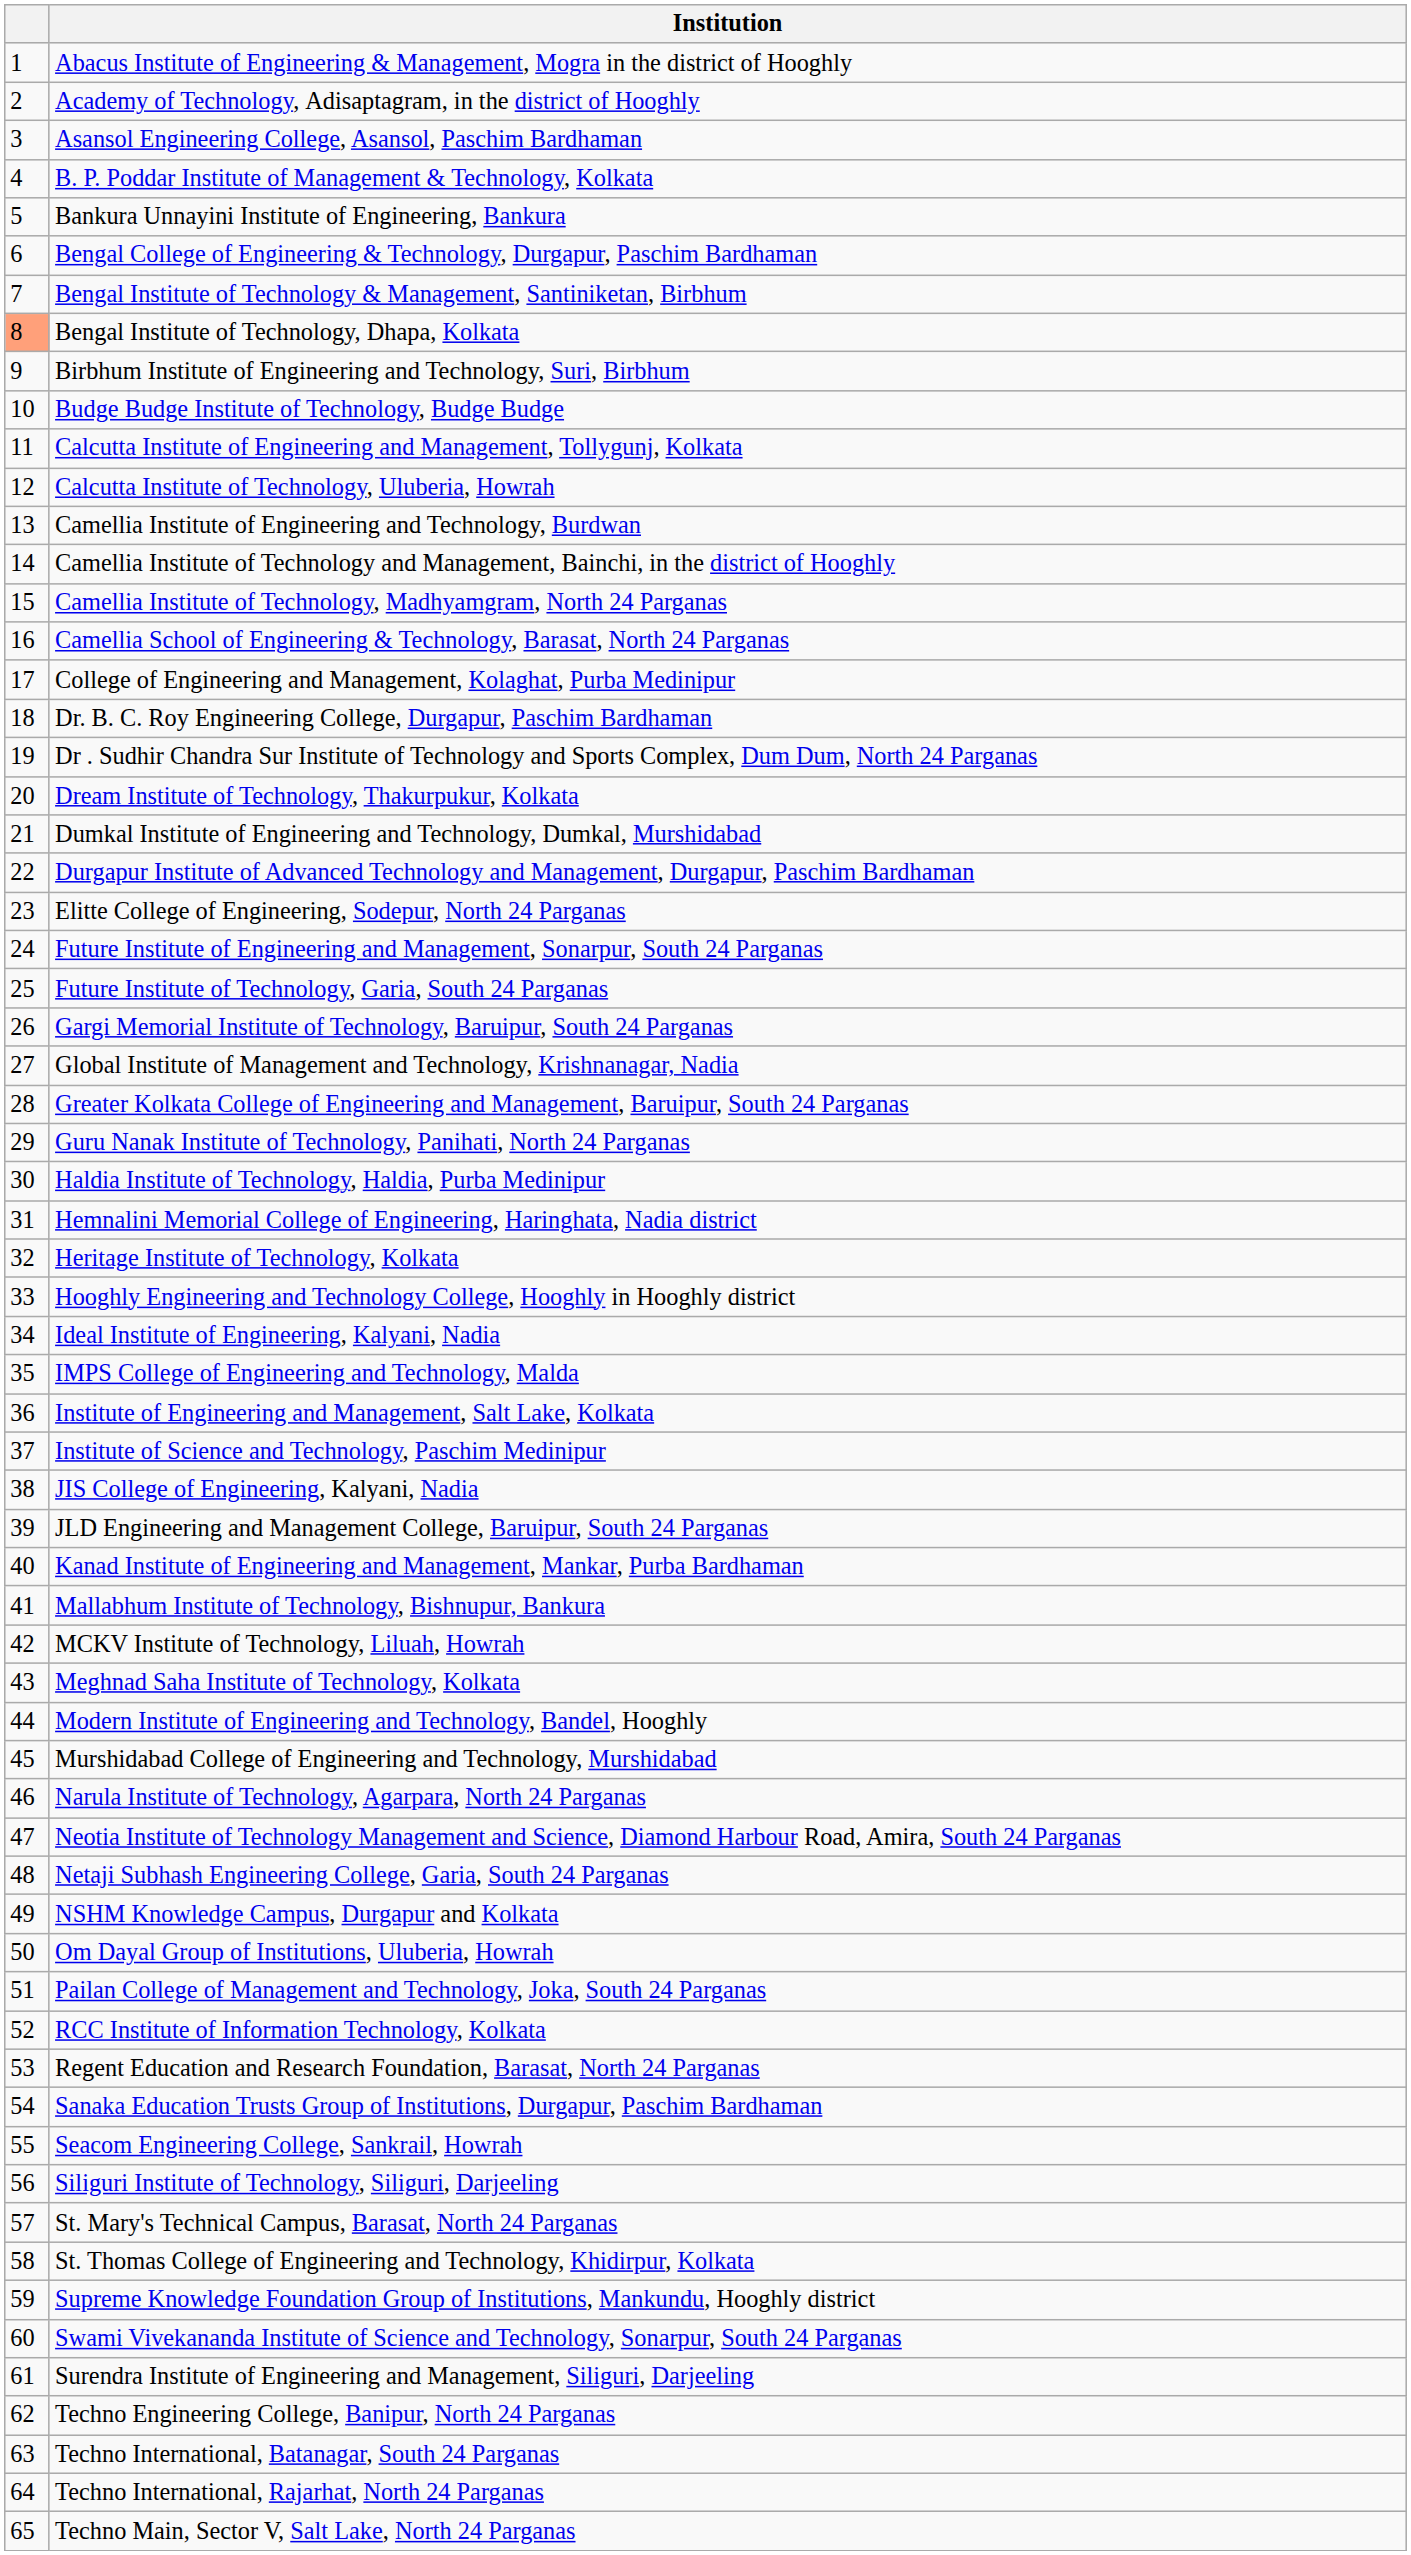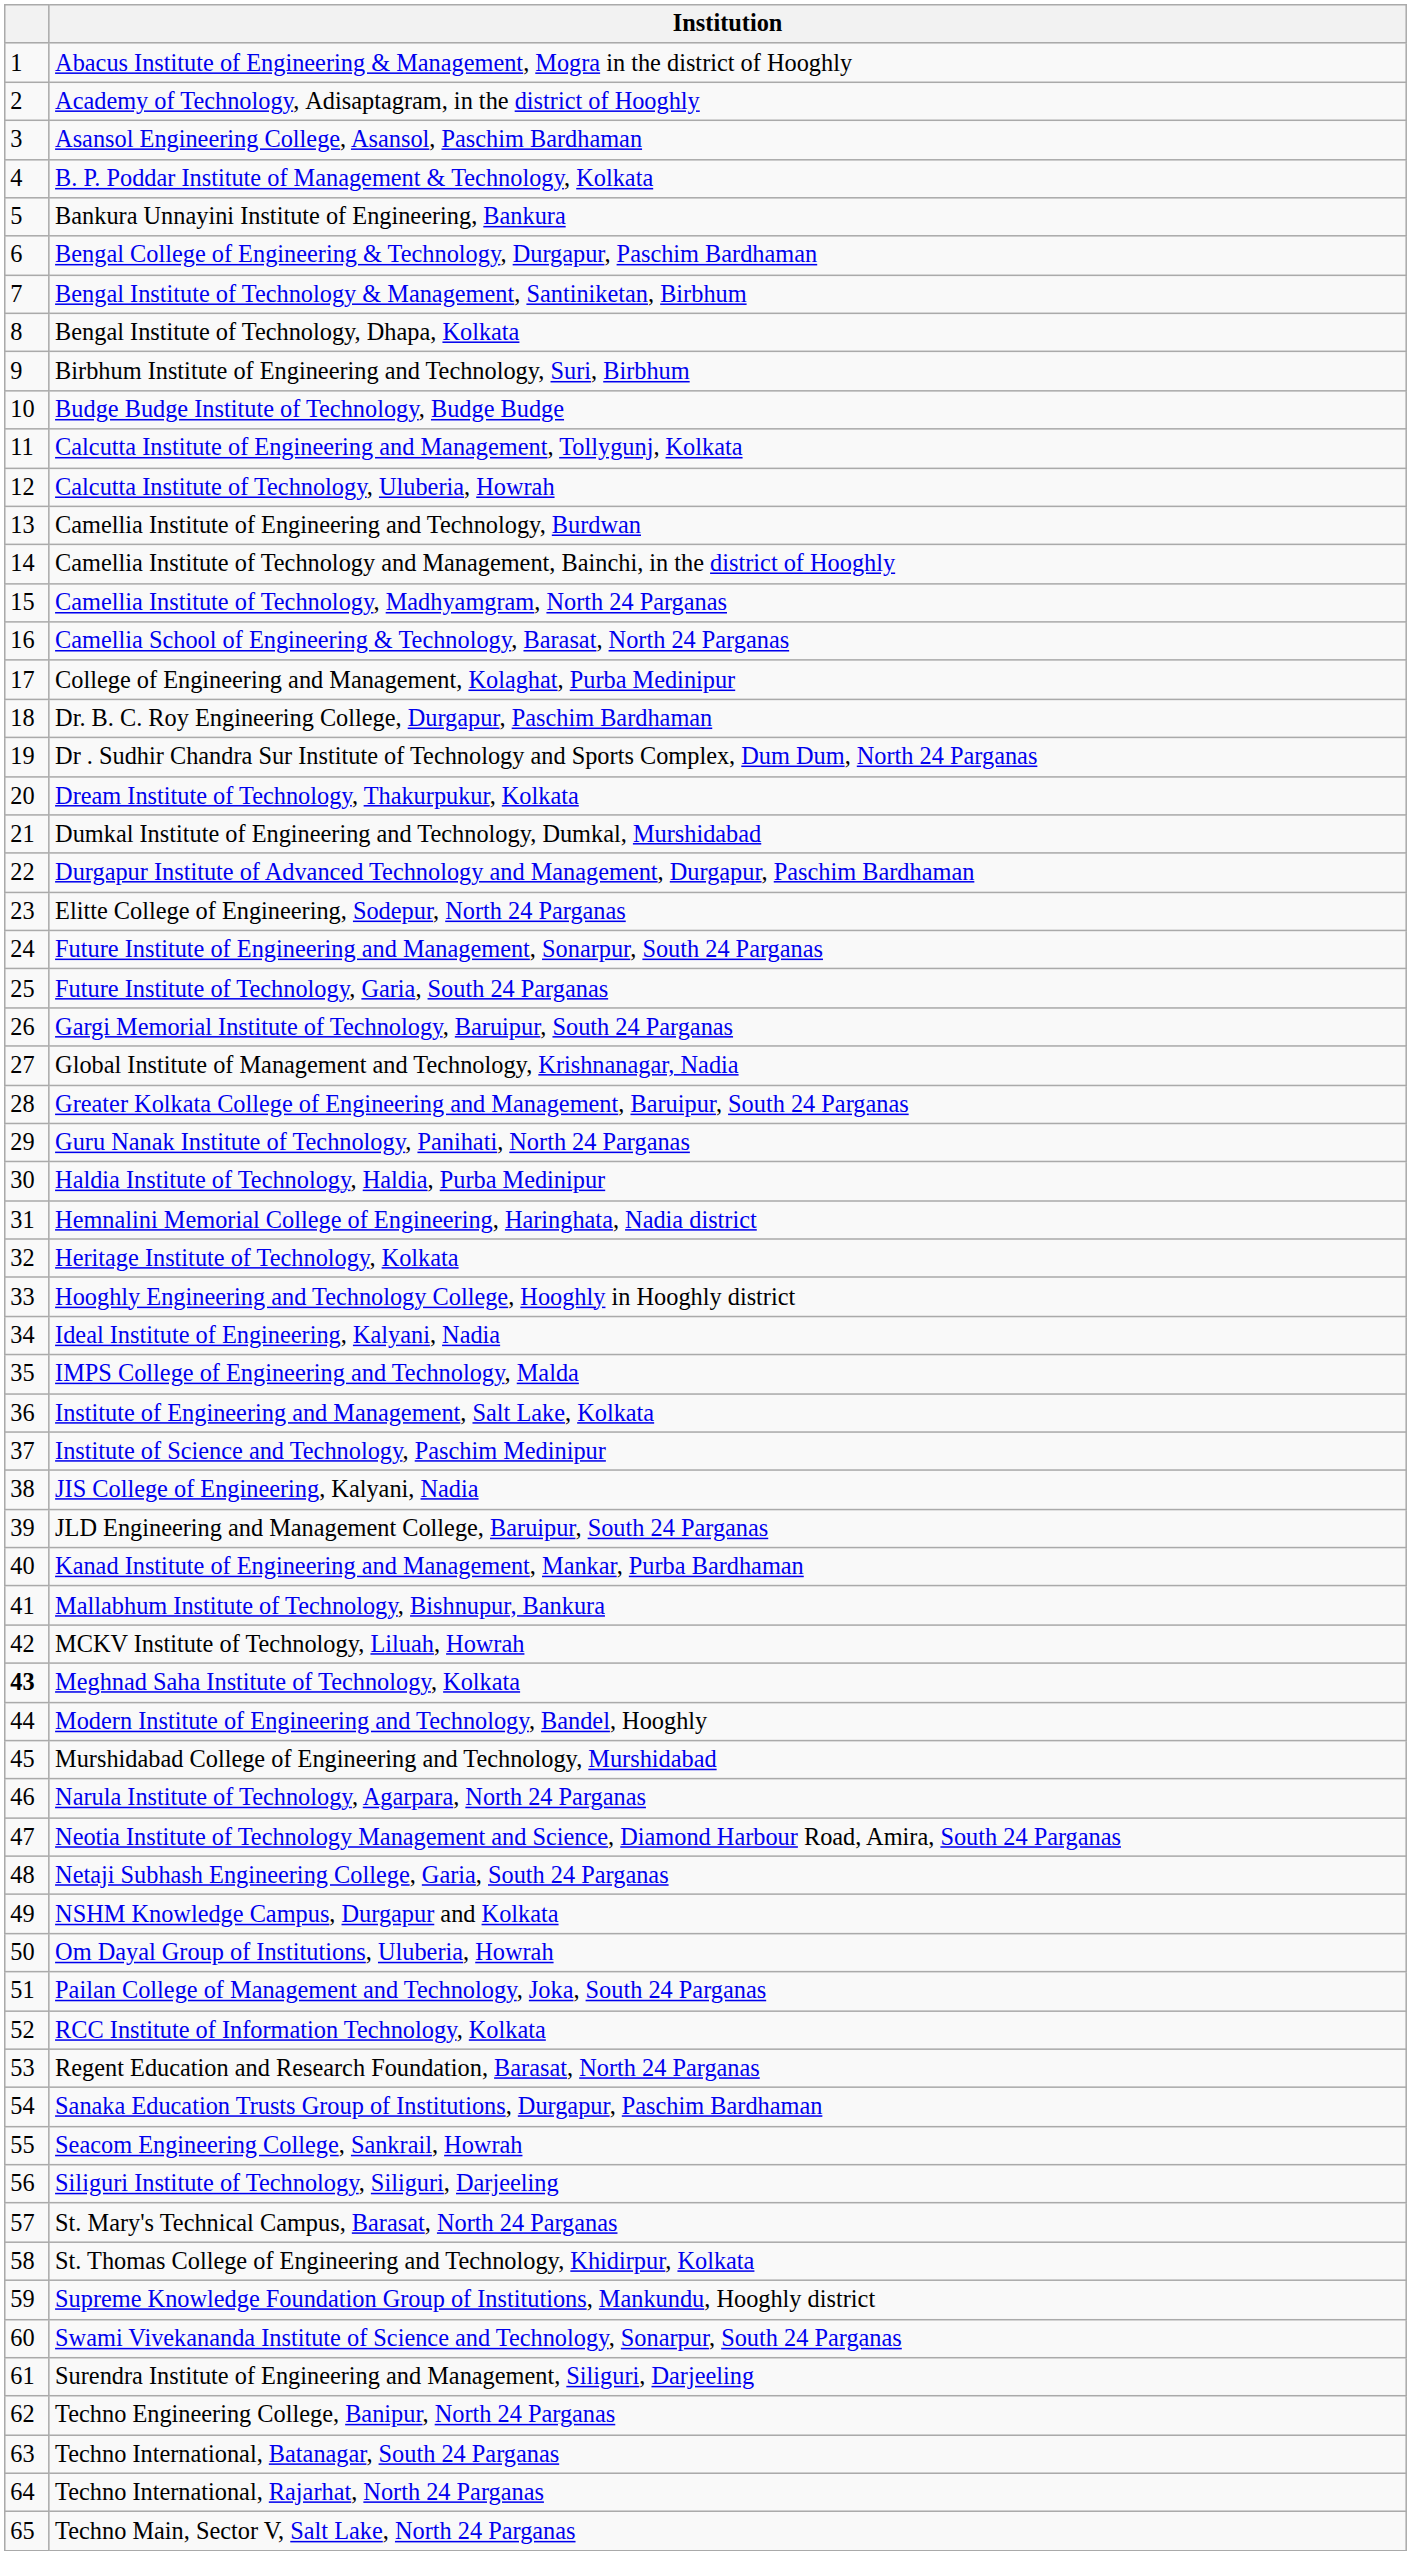 <table class="wikitable sortable sticky-header collapsible plainrowheaders" style="-align:left; width:73%;">
 <tr>
 <th></th>
 <th>Institution</th>
 </tr>
 <tr>
 <td>1</td>
 <td><a href='#'>Abacus Institute of Engineering & Management</a>, <a href='#'>Mogra</a> in the district of Hooghly</td>
 </tr>
 <tr>
 <td>2</td>
 <td><a href='#'>Academy of Technology</a>, Adisaptagram, in the <a href='#'>district of Hooghly</a></td>
 </tr>
 <tr>
 <td>3</td>
 <td><a href='#'>Asansol Engineering College</a>, <a href='#'>Asansol</a>, <a href='#'>Paschim Bardhaman</a></td>
 </tr>
 <tr>
 <td>4</td>
 <td><a href='#'>B. P. Poddar Institute of Management & Technology</a>, <a href='#'>Kolkata</a></td>
 </tr>
 <tr>
 <td>5</td>
 <td>Bankura Unnayini Institute of Engineering, <a href='#'>Bankura</a></td>
 </tr>
 <tr>
 <td>6</td>
 <td><a href='#'>Bengal College of Engineering & Technology</a>, <a href='#'>Durgapur</a>, <a href='#'>Paschim Bardhaman</a></td>
 </tr>
 <tr>
 <td>7</td>
 <td><a href='#'>Bengal Institute of Technology & Management</a>, <a href='#'>Santiniketan</a>, <a href='#'>Birbhum</a></td>
 </tr>
 <tr>
-<td style="background: lightsalmon;">8</td>
+<td>8</td>
 <td>Bengal Institute of Technology, Dhapa, <a href='#'>Kolkata</a></td>
 </tr>
 <tr>
 <td>9</td>
 <td>Birbhum Institute of Engineering and Technology, <a href='#'>Suri</a>, <a href='#'>Birbhum</a></td>
 </tr>
 <tr>
 <td>10</td>
 <td><a href='#'>Budge Budge Institute of Technology</a>, <a href='#'>Budge Budge</a></td>
 </tr>
 <tr>
 <td>11</td>
 <td><a href='#'>Calcutta Institute of Engineering and Management</a>, <a href='#'>Tollygunj</a>, <a href='#'>Kolkata</a></td>
 </tr>
 <tr>
 <td>12</td>
 <td><a href='#'>Calcutta Institute of Technology</a>, <a href='#'>Uluberia</a>, <a href='#'>Howrah</a></td>
 </tr>
 <tr>
 <td>13</td>
 <td>Camellia Institute of Engineering and Technology, <a href='#'>Burdwan</a></td>
 </tr>
 <tr>
 <td>14</td>
 <td>Camellia Institute of Technology and Management, Bainchi, in the <a href='#'>district of Hooghly</a></td>
 </tr>
 <tr>
 <td>15</td>
 <td><a href='#'>Camellia Institute of Technology</a>, <a href='#'>Madhyamgram</a>, <a href='#'>North 24 Parganas</a></td>
 </tr>
 <tr>
 <td>16</td>
 <td><a href='#'>Camellia School of Engineering & Technology</a>, <a href='#'>Barasat</a>, <a href='#'>North 24 Parganas</a></td>
 </tr>
 <tr>
 <td>17</td>
 <td>College of Engineering and Management, <a href='#'>Kolaghat</a>, <a href='#'>Purba Medinipur</a></td>
 </tr>
 <tr>
 <td>18</td>
 <td>Dr. B. C. Roy Engineering College, <a href='#'>Durgapur</a>, <a href='#'>Paschim Bardhaman</a></td>
 </tr>
 <tr>
 <td>19</td>
 <td>Dr . Sudhir Chandra Sur Institute of Technology and Sports Complex, <a href='#'>Dum Dum</a>, <a href='#'>North 24 Parganas</a></td>
 </tr>
 <tr>
 <td>20</td>
 <td><a href='#'>Dream Institute of Technology</a>, <a href='#'>Thakurpukur</a>, <a href='#'>Kolkata</a></td>
 </tr>
 <tr>
 <td>21</td>
 <td>Dumkal Institute of Engineering and Technology, Dumkal, <a href='#'>Murshidabad</a></td>
 </tr>
 <tr>
 <td>22</td>
 <td><a href='#'>Durgapur Institute of Advanced Technology and Management</a>, <a href='#'>Durgapur</a>, <a href='#'>Paschim Bardhaman</a></td>
 </tr>
 <tr>
 <td>23</td>
 <td>Elitte College of Engineering, <a href='#'>Sodepur</a>, <a href='#'>North 24 Parganas</a></td>
 </tr>
 <tr>
 <td>24</td>
 <td><a href='#'>Future Institute of Engineering and Management</a>, <a href='#'>Sonarpur</a>, <a href='#'>South 24 Parganas</a></td>
 </tr>
 <tr>
 <td>25</td>
 <td><a href='#'>Future Institute of Technology</a>, <a href='#'>Garia</a>, <a href='#'>South 24 Parganas</a></td>
 </tr>
 <tr>
 <td>26</td>
 <td><a href='#'>Gargi Memorial Institute of Technology</a>, <a href='#'>Baruipur</a>, <a href='#'>South 24 Parganas</a></td>
 </tr>
 <tr>
 <td>27</td>
 <td>Global Institute of Management and Technology, <a href='#'>Krishnanagar, Nadia</a></td>
 </tr>
 <tr>
 <td>28</td>
 <td><a href='#'>Greater Kolkata College of Engineering and Management</a>, <a href='#'>Baruipur</a>, <a href='#'>South 24 Parganas</a></td>
 </tr>
 <tr>
 <td>29</td>
 <td><a href='#'>Guru Nanak Institute of Technology</a>, <a href='#'>Panihati</a>, <a href='#'>North 24 Parganas</a></td>
 </tr>
 <tr>
 <td>30</td>
 <td><a href='#'>Haldia Institute of Technology</a>, <a href='#'>Haldia</a>, <a href='#'>Purba Medinipur</a></td>
 </tr>
 <tr>
 <td>31</td>
 <td><a href='#'>Hemnalini Memorial College of Engineering</a>, <a href='#'>Haringhata</a>, <a href='#'>Nadia district</a></td>
 </tr>
 <tr>
 <td>32</td>
 <td><a href='#'>Heritage Institute of Technology</a>, <a href='#'>Kolkata</a></td>
 </tr>
 <tr>
 <td>33</td>
 <td><a href='#'>Hooghly Engineering and Technology College</a>, <a href='#'>Hooghly</a> in Hooghly district</td>
 </tr>
 <tr>
 <td>34</td>
 <td><a href='#'>Ideal Institute of Engineering</a>, <a href='#'>Kalyani</a>, <a href='#'>Nadia</a></td>
 </tr>
 <tr>
 <td>35</td>
 <td><a href='#'>IMPS College of Engineering and Technology</a>, <a href='#'>Malda</a></td>
 </tr>
 <tr>
 <td>36</td>
 <td><a href='#'>Institute of Engineering and Management</a>, <a href='#'>Salt Lake</a>, <a href='#'>Kolkata</a></td>
 </tr>
 <tr>
 <td>37</td>
 <td><a href='#'>Institute of Science and Technology</a>, <a href='#'>Paschim Medinipur</a></td>
 </tr>
 <tr>
 <td>38</td>
 <td><a href='#'>JIS College of Engineering</a>, Kalyani, <a href='#'>Nadia</a></td>
 </tr>
 <tr>
 <td>39</td>
 <td>JLD Engineering and Management College, <a href='#'>Baruipur</a>, <a href='#'>South 24 Parganas</a></td>
 </tr>
 <tr>
 <td>40</td>
 <td><a href='#'>Kanad Institute of Engineering and Management</a>, <a href='#'>Mankar</a>, <a href='#'>Purba Bardhaman</a></td>
 </tr>
 <tr>
 <td>41</td>
 <td><a href='#'>Mallabhum Institute of Technology</a>, <a href='#'>Bishnupur, Bankura</a></td>
 </tr>
 <tr>
 <td>42</td>
 <td>MCKV Institute of Technology, <a href='#'>Liluah</a>, <a href='#'>Howrah</a></td>
 </tr>
 <tr>
-<td>43</td>
+<td><strong>43</strong></td>
 <td><a href='#'>Meghnad Saha Institute of Technology</a>, <a href='#'>Kolkata</a></td>
 </tr>
 <tr>
 <td>44</td>
 <td><a href='#'>Modern Institute of Engineering and Technology</a>, <a href='#'>Bandel</a>, Hooghly</td>
 </tr>
 <tr>
 <td>45</td>
 <td>Murshidabad College of Engineering and Technology, <a href='#'>Murshidabad</a></td>
 </tr>
 <tr>
 <td>46</td>
 <td><a href='#'>Narula Institute of Technology</a>, <a href='#'>Agarpara</a>, <a href='#'>North 24 Parganas</a></td>
 </tr>
 <tr>
 <td>47</td>
 <td><a href='#'>Neotia Institute of Technology Management and Science</a>, <a href='#'>Diamond Harbour</a> Road, Amira, <a href='#'>South 24 Parganas</a></td>
 </tr>
 <tr>
 <td>48</td>
 <td><a href='#'>Netaji Subhash Engineering College</a>, <a href='#'>Garia</a>, <a href='#'>South 24 Parganas</a></td>
 </tr>
 <tr>
 <td>49</td>
 <td><a href='#'>NSHM Knowledge Campus</a>, <a href='#'>Durgapur</a> and <a href='#'>Kolkata</a></td>
 </tr>
 <tr>
 <td>50</td>
 <td><a href='#'>Om Dayal Group of Institutions</a>, <a href='#'>Uluberia</a>, <a href='#'>Howrah</a></td>
 </tr>
 <tr>
 <td>51</td>
 <td><a href='#'>Pailan College of Management and Technology</a>, <a href='#'>Joka</a>, <a href='#'>South 24 Parganas</a></td>
 </tr>
 <tr>
 <td>52</td>
 <td><a href='#'>RCC Institute of Information Technology</a>, <a href='#'>Kolkata</a></td>
 </tr>
 <tr>
 <td>53</td>
 <td>Regent Education and Research Foundation, <a href='#'>Barasat</a>, <a href='#'>North 24 Parganas</a></td>
 </tr>
 <tr>
 <td>54</td>
 <td><a href='#'>Sanaka Education Trusts Group of Institutions</a>, <a href='#'>Durgapur</a>, <a href='#'>Paschim Bardhaman</a></td>
 </tr>
 <tr>
 <td>55</td>
 <td><a href='#'>Seacom Engineering College</a>, <a href='#'>Sankrail</a>, <a href='#'>Howrah</a></td>
 </tr>
 <tr>
 <td>56</td>
 <td><a href='#'>Siliguri Institute of Technology</a>, <a href='#'>Siliguri</a>, <a href='#'>Darjeeling</a></td>
 </tr>
 <tr>
 <td>57</td>
 <td>St. Mary's Technical Campus, <a href='#'>Barasat</a>, <a href='#'>North 24 Parganas</a></td>
 </tr>
 <tr>
 <td>58</td>
 <td>St. Thomas College of Engineering and Technology, <a href='#'>Khidirpur</a>, <a href='#'>Kolkata</a></td>
 </tr>
 <tr>
 <td>59</td>
 <td><a href='#'>Supreme Knowledge Foundation Group of Institutions</a>, <a href='#'>Mankundu</a>, Hooghly district</td>
 </tr>
 <tr>
 <td>60</td>
 <td><a href='#'>Swami Vivekananda Institute of Science and Technology</a>, <a href='#'>Sonarpur</a>, <a href='#'>South 24 Parganas</a></td>
 </tr>
 <tr>
 <td>61</td>
 <td>Surendra Institute of Engineering and Management, <a href='#'>Siliguri</a>, <a href='#'>Darjeeling</a></td>
 </tr>
 <tr>
 <td>62</td>
 <td>Techno Engineering College, <a href='#'>Banipur</a>, <a href='#'>North 24 Parganas</a></td>
 </tr>
 <tr>
 <td>63</td>
 <td>Techno International, <a href='#'>Batanagar</a>, <a href='#'>South 24 Parganas</a></td>
 </tr>
 <tr>
 <td>64</td>
 <td>Techno International, <a href='#'>Rajarhat</a>, <a href='#'>North 24 Parganas</a></td>
 </tr>
 <tr>
 <td>65</td>
 <td>Techno Main, Sector V, <a href='#'>Salt Lake</a>, <a href='#'>North 24 Parganas</a></td>
 </tr>
 </table>
